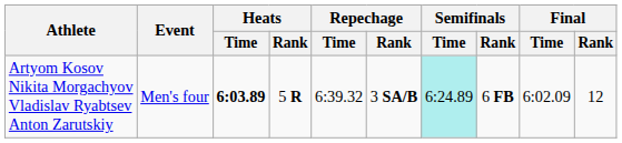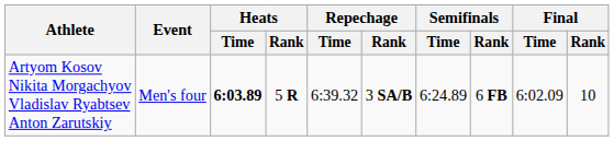 <table class="wikitable" style="font-size:90%">
 <tr>
 <th rowspan="2">Athlete</th>
 <th rowspan="2">Event</th>
 <th colspan="2">Heats</th>
 <th colspan="2">Repechage</th>
 <th colspan="2">Semifinals</th>
 <th colspan="2">Final</th>
 </tr>
 <tr style="font-size:95%">
 <th>Time</th>
 <th>Rank</th>
 <th>Time</th>
 <th>Rank</th>
 <th>Time</th>
 <th>Rank</th>
 <th>Time</th>
 <th>Rank</th>
 </tr>
 <tr align=center>
 <td align=left><a href='#'>Artyom Kosov</a><br><a href='#'>Nikita Morgachyov</a><br><a href='#'>Vladislav Ryabtsev</a><br><a href='#'>Anton Zarutskiy</a></td>
 <td align=left><a href='#'>Men's four</a></td>
 <td><strong>6:03.89</strong></td>
 <td>5 <strong>R</strong></td>
 <td>6:39.32</td>
 <td>3 <strong>SA/B</strong></td>
-<td style="background: paleturquoise;">6:24.89</td>
+<td>6:24.89</td>
 <td>6 <strong>FB</strong></td>
 <td>6:02.09</td>
-<td>12</td>
+<td>10</td>
 </tr>
 </table>
